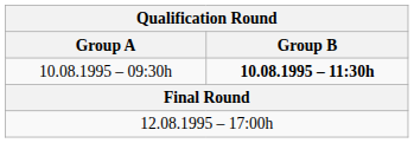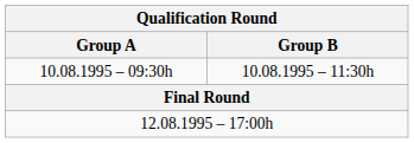 <table class="wikitable" style=" text-align:center; font-size:110%;" width="35%">
 <tr>
 <th colspan="2">Qualification Round</th>
 </tr>
 <tr>
 <th>Group A</th>
 <th>Group B</th>
 </tr>
 <tr>
 <td>10.08.1995 – 09:30h</td>
-<td><strong>10.08.1995 – 11:30h</strong></td>
+<td>10.08.1995 – 11:30h</td>
 </tr>
 <tr>
 <th colspan="2">Final Round</th>
 </tr>
 <tr>
 <td colspan="2">12.08.1995 – 17:00h</td>
 </tr>
 </table>
